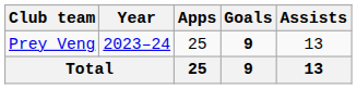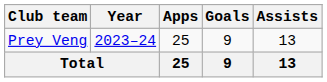 <table class=wikitable style="text-align: center;">
 <tr>
 <th>Club team</th>
 <th>Year</th>
 <th>Apps</th>
 <th>Goals</th>
 <th>Assists</th>
 </tr>
 <tr>
 <td rowspan=1><a href='#'>Prey Veng</a></td>
 <td><a href='#'>2023–24</a></td>
 <td>25</td>
-<td><strong>9</strong></td>
+<td>9</td>
 <td>13</td>
 </tr>
 <tr>
 <th colspan=2>Total</th>
 <th>25</th>
 <th>9</th>
 <th>13</th>
 </tr>
 </table>
